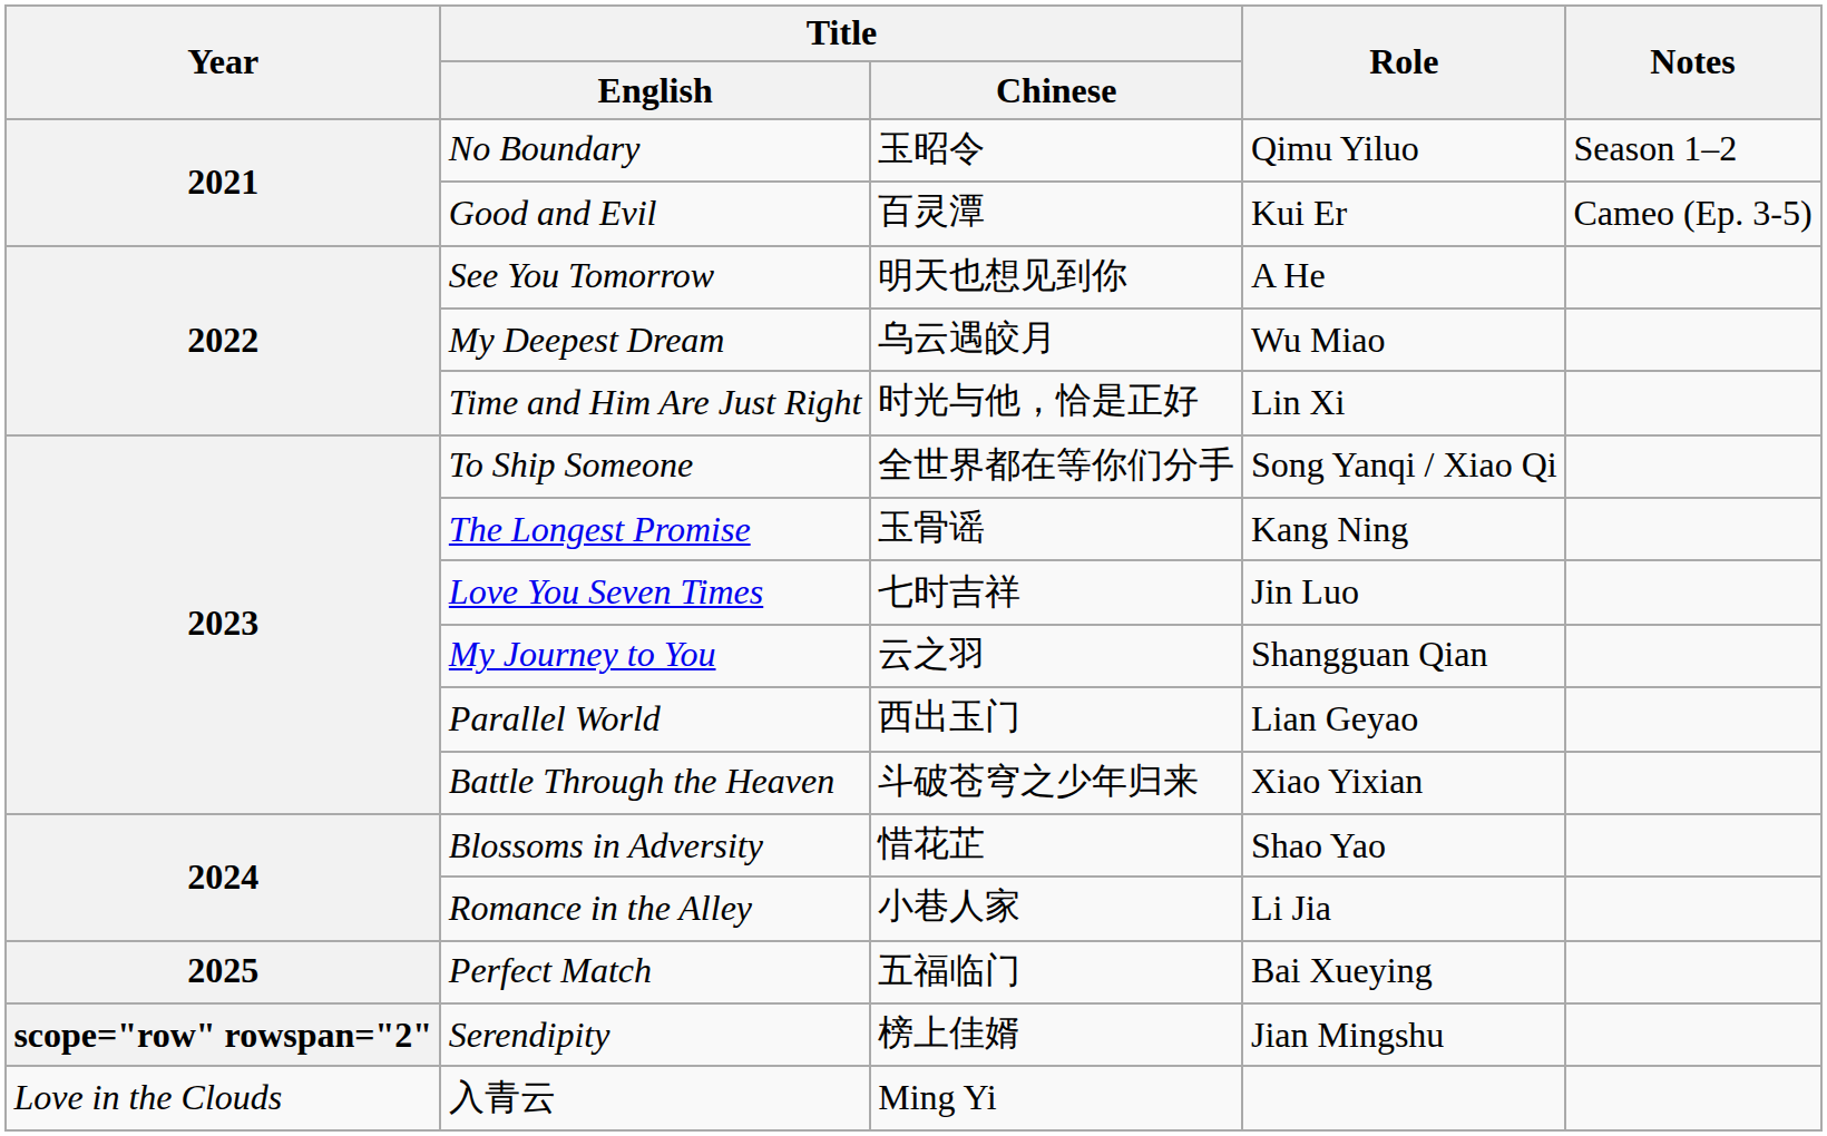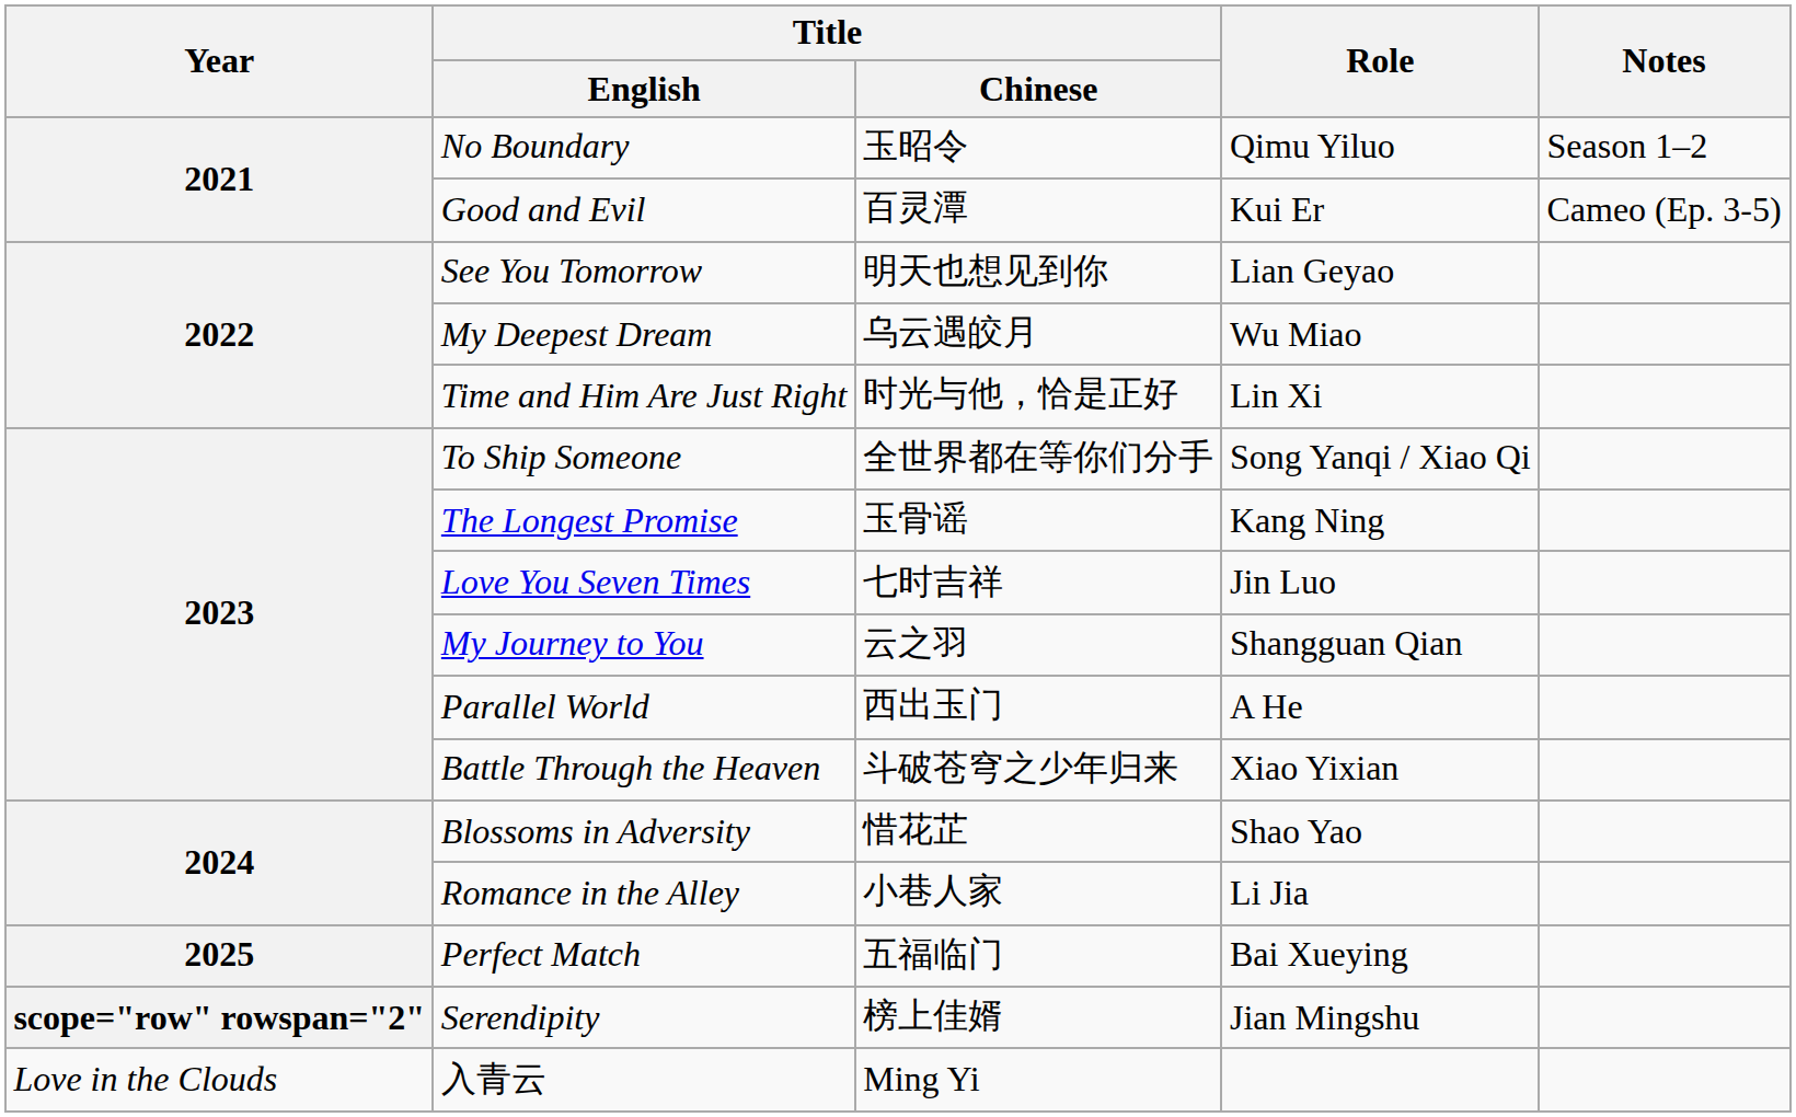 <table class="wikitable sortable plainrowheaders">
 <tr>
 <th scope="col" rowspan="2">Year</th>
 <th scope="col" colspan="2">Title</th>
 <th scope="col" rowspan="2">Role</th>
 <th scope="col" rowspan="2">Notes</th>
 </tr>
 <tr>
 <th scope="col">English</th>
 <th scope="col">Chinese</th>
 </tr>
 <tr>
 <th scope="row" rowspan="2">2021</th>
 <td><em>No Boundary</em></td>
 <td>玉昭令</td>
 <td>Qimu Yiluo</td>
 <td>Season 1–2</td>
 </tr>
 <tr>
 <td><em>Good and Evil</em></td>
 <td>百灵潭</td>
 <td>Kui Er</td>
 <td>Cameo (Ep. 3-5)</td>
 </tr>
 <tr>
 <th scope="row" rowspan="3">2022</th>
 <td><em>See You Tomorrow</em></td>
 <td>明天也想见到你</td>
-<td>A He</td>
+<td>Lian Geyao</td>
 <td></td>
 </tr>
 <tr>
 <td><em>My Deepest Dream</em></td>
 <td>乌云遇皎月</td>
 <td>Wu Miao</td>
 <td></td>
 </tr>
 <tr>
 <td><em>Time and Him Are Just Right</em></td>
 <td>时光与他，恰是正好</td>
 <td>Lin Xi</td>
 <td></td>
 </tr>
 <tr>
 <th scope="row" rowspan="6">2023</th>
 <td><em>To Ship Someone</em></td>
 <td>全世界都在等你们分手</td>
 <td>Song Yanqi / Xiao Qi</td>
 <td></td>
 </tr>
 <tr>
 <td><em><a href='#'>The Longest Promise</a></em></td>
 <td>玉骨谣</td>
 <td>Kang Ning</td>
 <td></td>
 </tr>
 <tr>
 <td><em><a href='#'>Love You Seven Times</a></em></td>
 <td>七时吉祥</td>
 <td>Jin Luo</td>
 <td></td>
 </tr>
 <tr>
 <td><em><a href='#'>My Journey to You</a></em></td>
 <td>云之羽</td>
 <td>Shangguan Qian</td>
 <td></td>
 </tr>
 <tr>
 <td><em>Parallel World</em></td>
 <td>西出玉门</td>
-<td>Lian Geyao</td>
+<td>A He</td>
 <td></td>
 </tr>
 <tr>
 <td><em>Battle Through the Heaven</em></td>
 <td>斗破苍穹之少年归来</td>
 <td>Xiao Yixian</td>
 <td></td>
 </tr>
 <tr>
 <th scope="row" rowspan="2">2024</th>
 <td><em>Blossoms in Adversity</em></td>
 <td>惜花芷</td>
 <td>Shao Yao</td>
 <td></td>
 </tr>
 <tr>
 <td><em>Romance in the Alley</em></td>
 <td>小巷人家</td>
 <td>Li Jia</td>
 <td></td>
 </tr>
 <tr>
 <th scope="row">2025</th>
 <td><em>Perfect Match</em></td>
 <td>五福临门</td>
 <td>Bai Xueying</td>
 <td></td>
 </tr>
 <tr>
 <th>scope="row" rowspan="2" </th>
 <td><em>Serendipity</em></td>
 <td>榜上佳婿</td>
 <td>Jian Mingshu</td>
 <td></td>
 </tr>
 <tr>
 <td><em>Love in the Clouds</em></td>
 <td>入青云</td>
 <td>Ming Yi</td>
 <td></td>
 </tr>
 <tr>
 </tr>
 </table>
